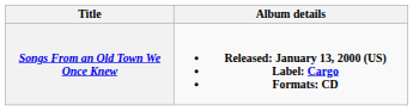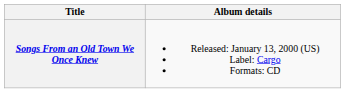 <table class="wikitable plainrowheaders" style="text-align:center;">
 <tr>
 <th scope="col" rowspan="1" style="width:14em;">Title</th>
 <th scope="col" rowspan="1" style="width:19.5em;">Album details</th>
 </tr>
 <tr>
 <th scope="row"><em><a href='#'>Songs From an Old Town We Once Knew</a></em></th>
-<td><strong><br><ul><li>Released: January 13, 2000 <span>(US)</span></li><li>Label: <a href='#'>Cargo</a></li><li>Formats: CD</li></ul></strong></td>
+<td><br><ul><li>Released: January 13, 2000 <span>(US)</span></li><li>Label: <a href='#'>Cargo</a></li><li>Formats: CD</li></ul></td>
 </tr>
 </table>
